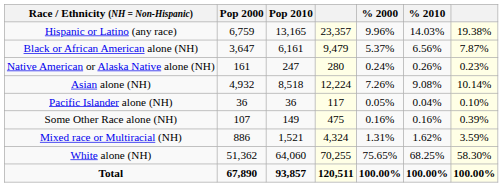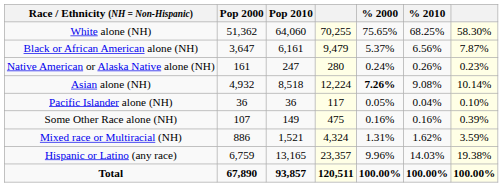 <table class="wikitable" style="text-align:center;">
 <tr>
 <th>Race / Ethnicity <small>(<em>NH = Non-Hispanic</em>)</small></th>
 <th>Pop 2000</th>
 <th>Pop 2010</th>
 <th></th>
 <th>% 2000</th>
 <th>% 2010</th>
 <th></th>
 </tr>
 <tr>
-<td><a href='#'>Hispanic or Latino</a> (any race)</td>
-<td>6,759</td>
-<td>13,165</td>
-<td style='background: #ffffe6;'>23,357</td>
-<td>9.96%</td>
-<td>14.03%</td>
-<td style='background: #ffffe6;'>19.38%</td>
+<td><a href='#'>White</a> alone (NH)</td>
+<td>51,362</td>
+<td>64,060</td>
+<td style='background: #ffffe6;'>70,255</td>
+<td>75.65%</td>
+<td>68.25%</td>
+<td style='background: #ffffe6;'>58.30%</td>
 </tr>
 <tr>
 <td><a href='#'>Black or African American</a> alone (NH)</td>
 <td>3,647</td>
 <td>6,161</td>
 <td style='background: #ffffe6;'>9,479</td>
 <td>5.37%</td>
 <td>6.56%</td>
 <td style='background: #ffffe6;'>7.87%</td>
 </tr>
 <tr>
 <td><a href='#'>Native American</a> or <a href='#'>Alaska Native</a> alone (NH)</td>
 <td>161</td>
 <td>247</td>
 <td style='background: #ffffe6;'>280</td>
 <td>0.24%</td>
 <td>0.26%</td>
 <td style='background: #ffffe6;'>0.23%</td>
 </tr>
 <tr>
 <td><a href='#'>Asian</a> alone (NH)</td>
 <td>4,932</td>
 <td>8,518</td>
 <td style='background: #ffffe6;'>12,224</td>
-<td>7.26%</td>
+<td><strong>7.26%</strong></td>
 <td>9.08%</td>
 <td style='background: #ffffe6;'>10.14%</td>
 </tr>
 <tr>
 <td><a href='#'>Pacific Islander</a> alone (NH)</td>
 <td>36</td>
 <td>36</td>
 <td style='background: #ffffe6;'>117</td>
 <td>0.05%</td>
 <td>0.04%</td>
 <td style='background: #ffffe6;'>0.10%</td>
 </tr>
 <tr>
 <td>Some Other Race alone (NH)</td>
 <td>107</td>
 <td>149</td>
 <td style='background: #ffffe6;'>475</td>
 <td>0.16%</td>
 <td>0.16%</td>
 <td style='background: #ffffe6;'>0.39%</td>
 </tr>
 <tr>
 <td><a href='#'>Mixed race or Multiracial</a> (NH)</td>
 <td>886</td>
 <td>1,521</td>
 <td style='background: #ffffe6;'>4,324</td>
 <td>1.31%</td>
 <td>1.62%</td>
 <td style='background: #ffffe6;'>3.59%</td>
 </tr>
 <tr>
-<td><a href='#'>White</a> alone (NH)</td>
-<td>51,362</td>
-<td>64,060</td>
-<td style='background: #ffffe6;'>70,255</td>
-<td>75.65%</td>
-<td>68.25%</td>
-<td style='background: #ffffe6;'>58.30%</td>
+<td><a href='#'>Hispanic or Latino</a> (any race)</td>
+<td>6,759</td>
+<td>13,165</td>
+<td style='background: #ffffe6;'>23,357</td>
+<td>9.96%</td>
+<td>14.03%</td>
+<td style='background: #ffffe6;'>19.38%</td>
 </tr>
 <tr>
 <td><strong>Total</strong></td>
 <td><strong>67,890</strong></td>
 <td><strong>93,857</strong></td>
 <td style='background: #ffffe6;'><strong>120,511</strong></td>
 <td><strong>100.00%</strong></td>
 <td><strong>100.00%</strong></td>
 <td style='background: #ffffe6;'><strong>100.00%</strong></td>
 </tr>
 </table>
